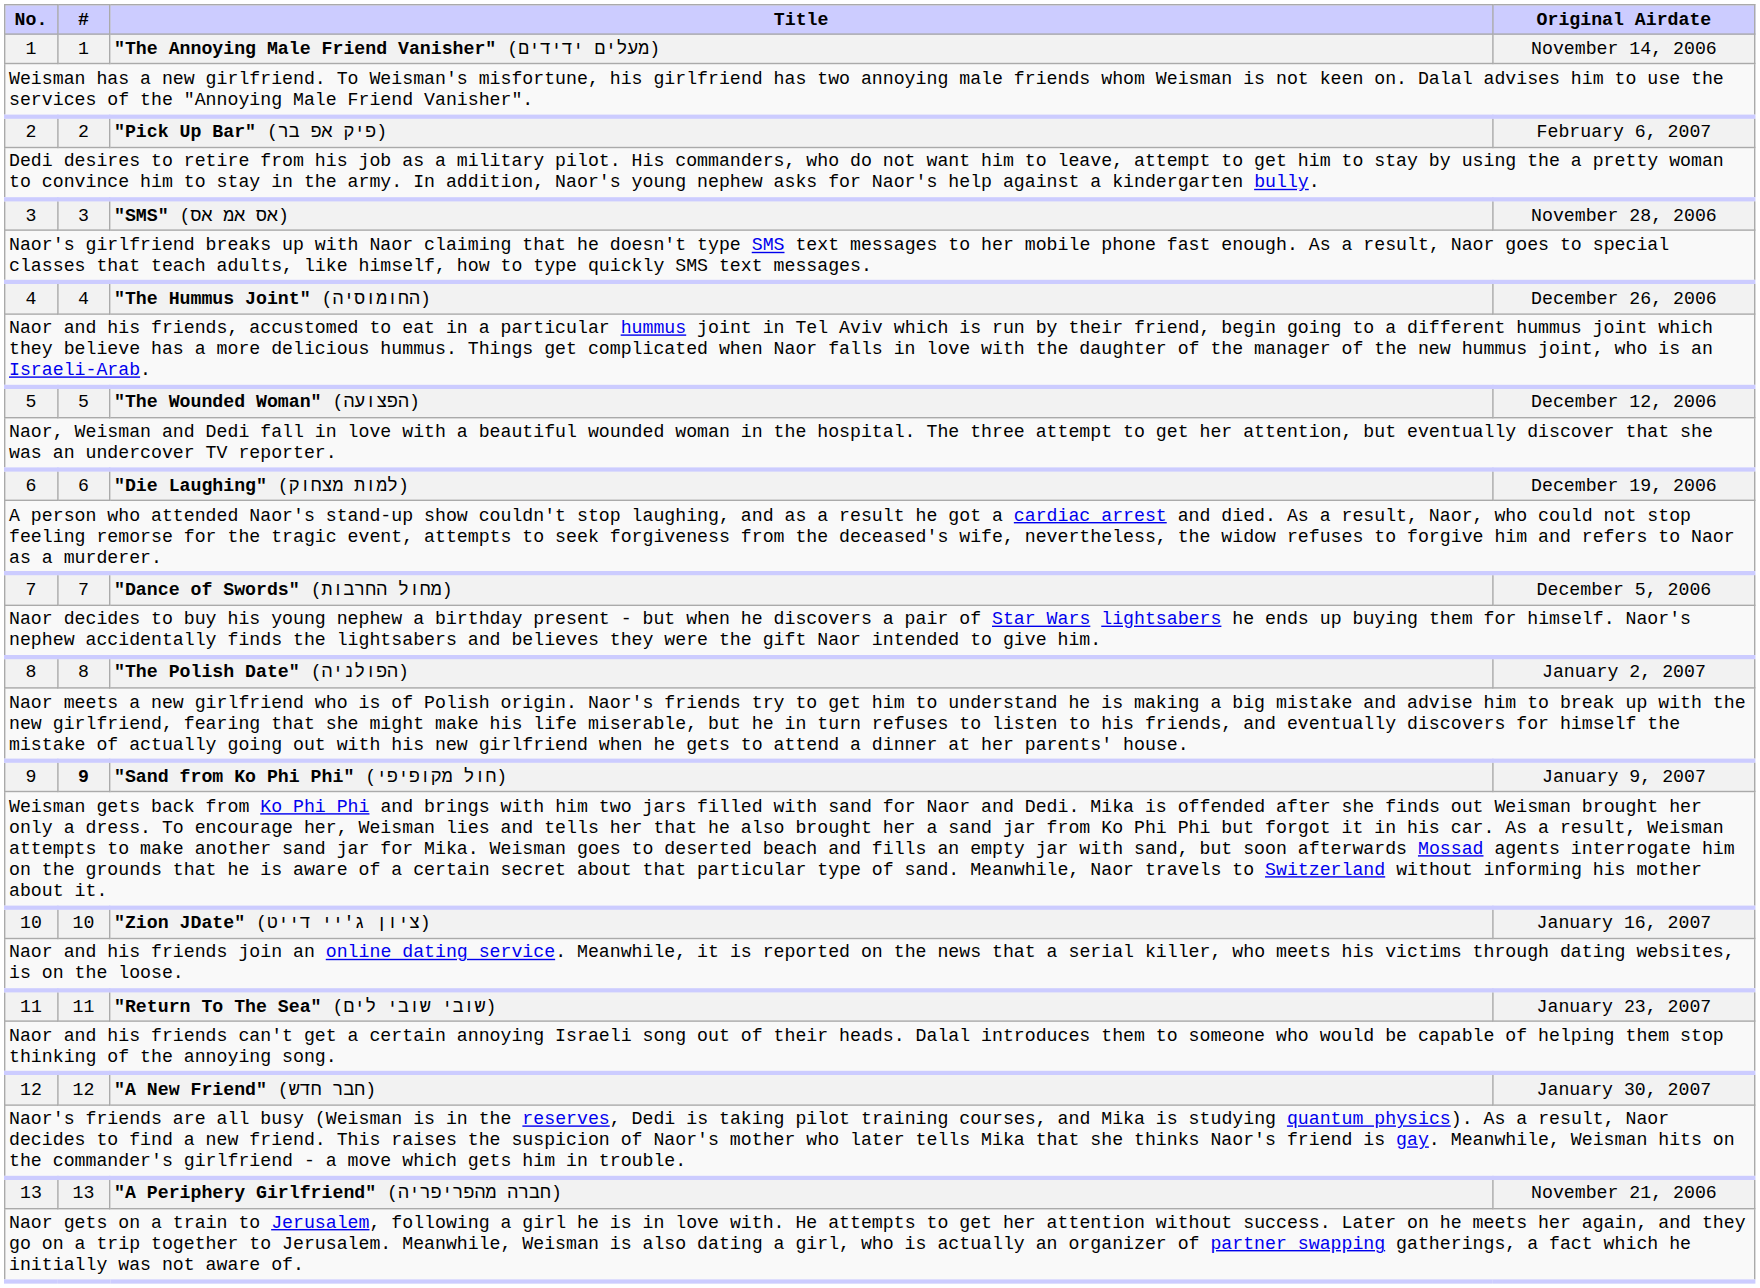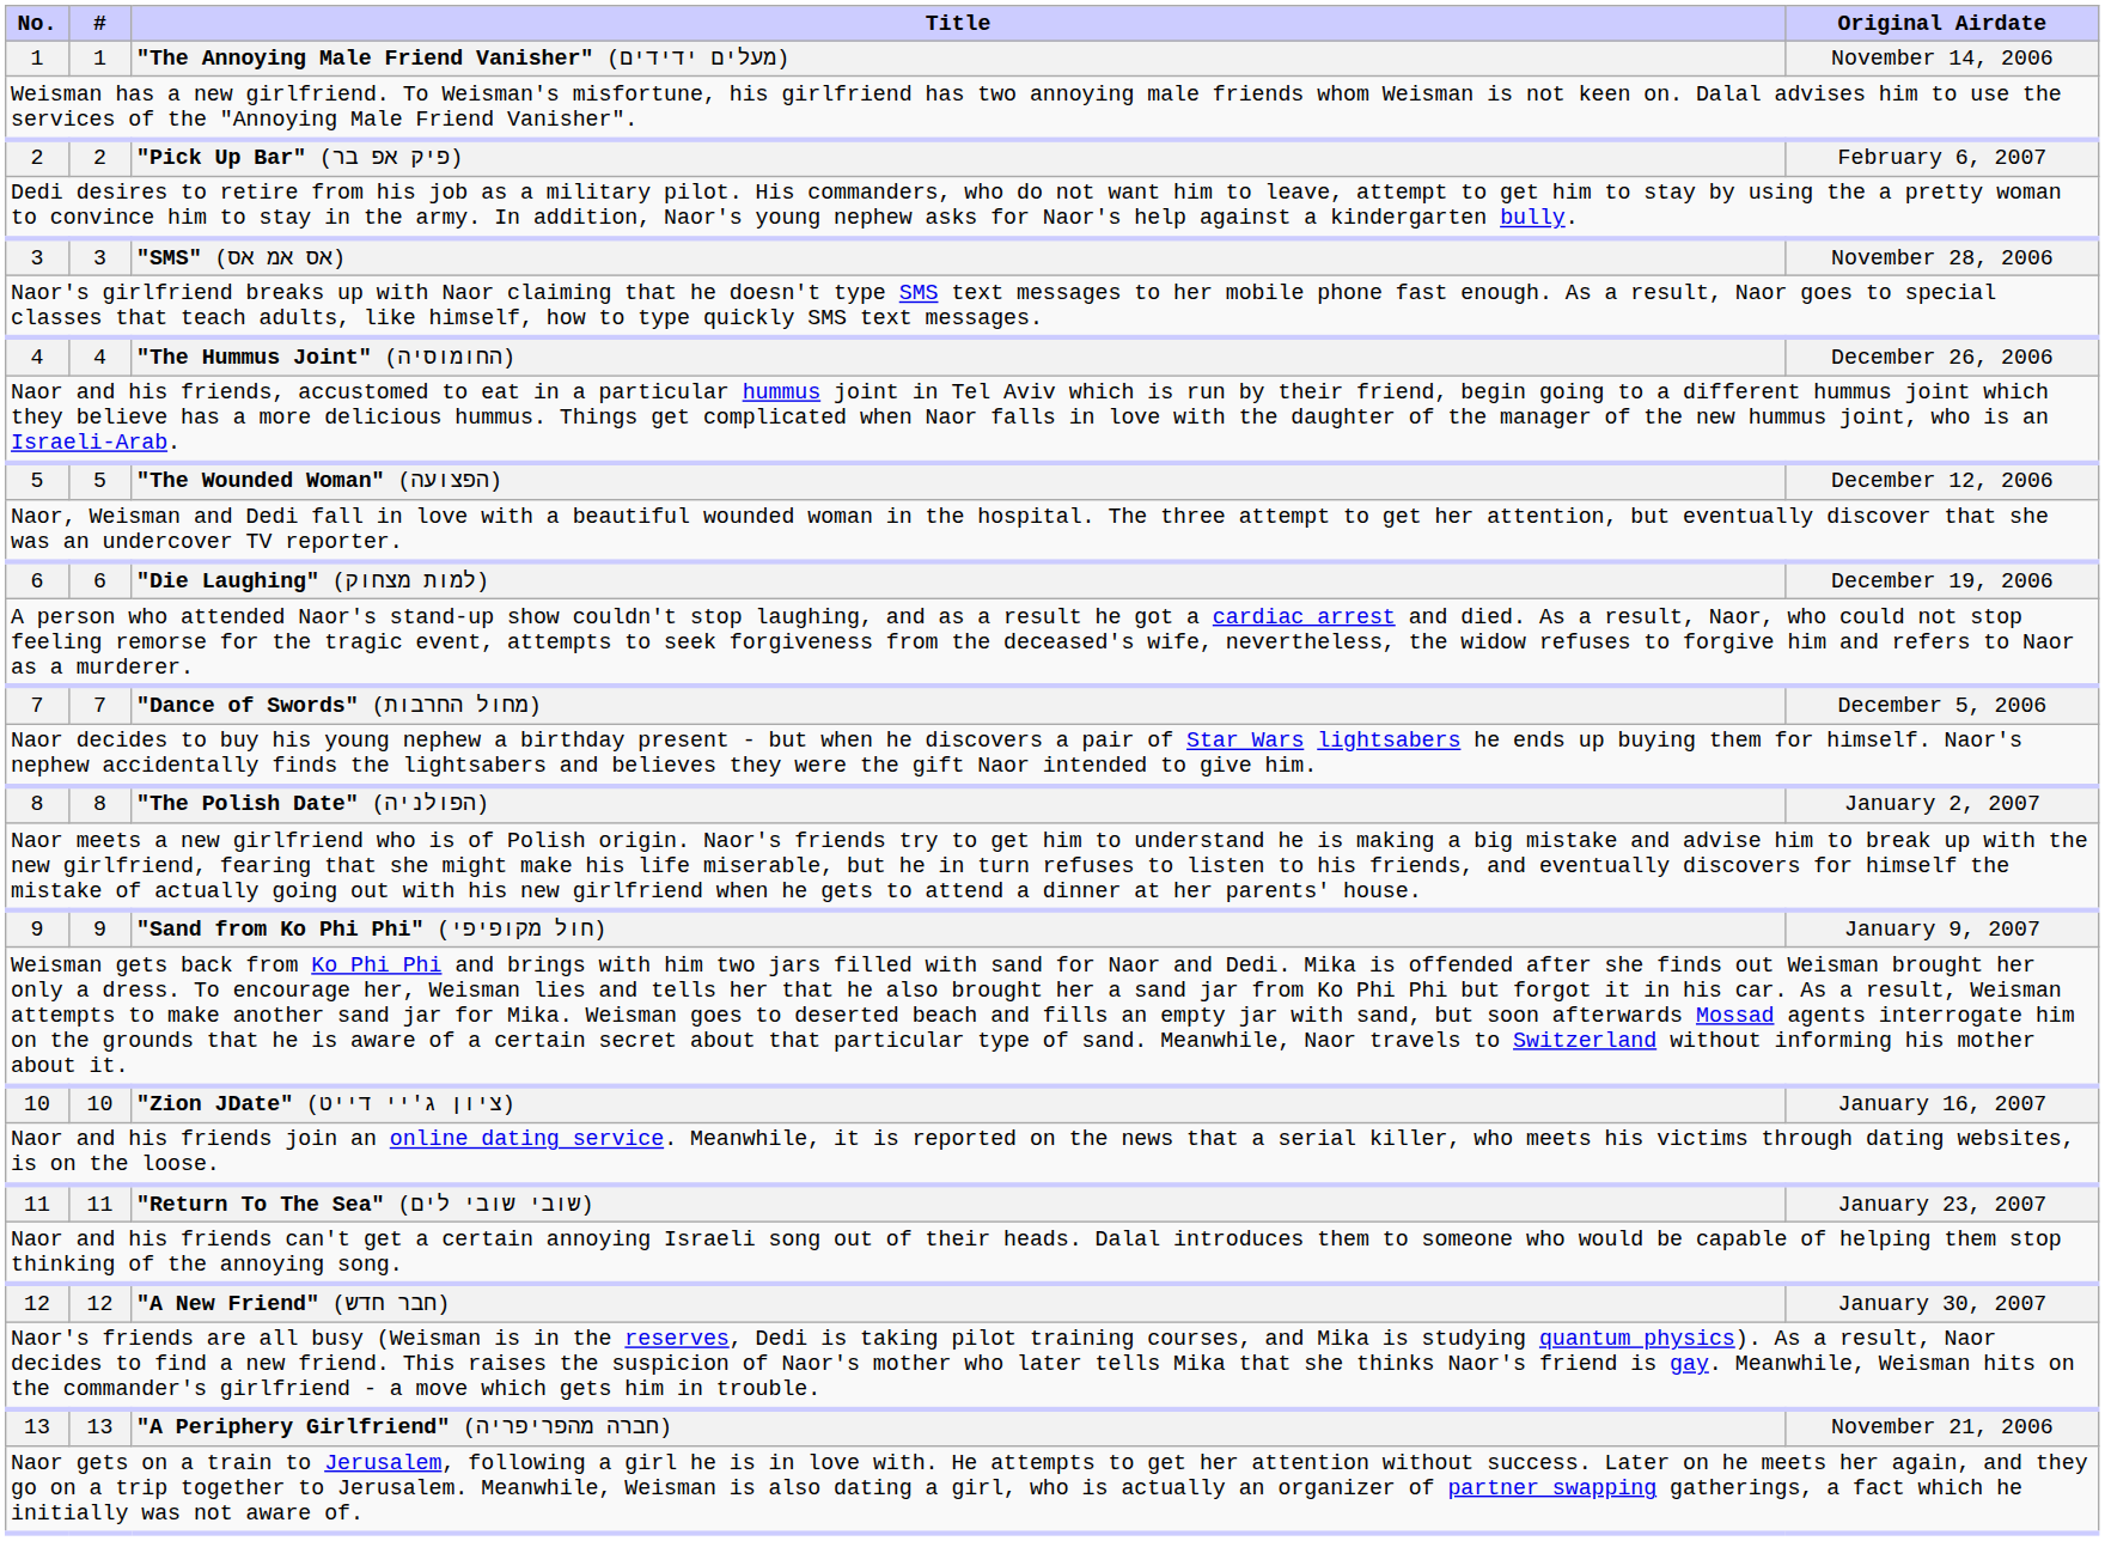 <table class="wikitable" width=99%>
 <tr>
 <th style="background: #CCF" width="3%">No.</th>
 <th style="background: #CCF" width="3%">#</th>
 <th style="background: #CCF">Title</th>
 <th style="background: #CCF" width="15%">Original Airdate</th>
 </tr>
 <tr class="vevent" style="text-align: center; background:#F2F2F2">
 <td>1</td>
 <td>1</td>
 <td class="summary" style="text-align: left;"><strong>"The Annoying Male Friend Vanisher"</strong> (מעלים ידידים)</td>
 <td>November 14, 2006</td>
 </tr>
 <tr>
 <td class="description" style="border-bottom:3px solid #CCCCFF" colspan="4">Weisman has a new girlfriend. To Weisman's misfortune, his girlfriend has two annoying male friends whom Weisman is not keen on. Dalal advises him to use the services of the "Annoying Male Friend Vanisher".</td>
 </tr>
 <tr class="vevent" style="text-align: center; background:#F2F2F2">
 <td>2</td>
 <td>2</td>
 <td class="summary" style="text-align: left;"><strong>"Pick Up Bar"</strong> (פיק אפ בר)</td>
 <td>February 6, 2007</td>
 </tr>
 <tr>
 <td class="description" style="border-bottom:3px solid #CCCCFF" colspan="4">Dedi desires to retire from his job as a military pilot. His commanders, who do not want him to leave, attempt to get him to stay by using the a pretty woman to convince him to stay in the army. In addition, Naor's young nephew asks for Naor's help against a kindergarten <a href='#'>bully</a>.</td>
 </tr>
 <tr class="vevent" style="text-align: center; background:#F2F2F2">
 <td>3</td>
 <td>3</td>
 <td class="summary" style="text-align: left;"><strong>"SMS"</strong> (אס אמ אס)</td>
 <td>November 28, 2006</td>
 </tr>
 <tr>
 <td class="description" style="border-bottom:3px solid #CCCCFF" colspan="4">Naor's girlfriend breaks up with Naor claiming that he doesn't type <a href='#'>SMS</a> text messages to her mobile phone fast enough. As a result, Naor goes to special classes that teach adults, like himself, how to type quickly SMS text messages.</td>
 </tr>
 <tr class="vevent" style="text-align: center; background:#F2F2F2">
 <td>4</td>
 <td>4</td>
 <td class="summary" style="text-align: left;"><strong>"The Hummus Joint"</strong> (החומוסיה)</td>
 <td>December 26, 2006</td>
 </tr>
 <tr>
 <td class="description" style="border-bottom:3px solid #CCCCFF" colspan="4">Naor and his friends, accustomed to eat in a particular <a href='#'>hummus</a> joint in Tel Aviv which is run by their friend, begin going to a different hummus joint which they believe has a more delicious hummus. Things get complicated when Naor falls in love with the daughter of the manager of the new hummus joint, who is an <a href='#'>Israeli-Arab</a>.</td>
 </tr>
 <tr class="vevent" style="text-align: center; background:#F2F2F2">
 <td>5</td>
 <td>5</td>
 <td class="summary" style="text-align: left;"><strong>"The Wounded Woman"</strong> (הפצועה)</td>
 <td>December 12, 2006</td>
 </tr>
 <tr>
 <td class="description" style="border-bottom:3px solid #CCCCFF" colspan="4">Naor, Weisman and Dedi fall in love with a beautiful wounded woman in the hospital. The three attempt to get her attention, but eventually discover that she was an undercover TV reporter.</td>
 </tr>
 <tr class="vevent" style="text-align: center; background:#F2F2F2">
 <td>6</td>
 <td>6</td>
 <td class="summary" style="text-align: left;"><strong>"Die Laughing"</strong> (למות מצחוק)</td>
 <td>December 19, 2006</td>
 </tr>
 <tr>
 <td class="description" style="border-bottom:3px solid #CCCCFF" colspan="4">A person who attended Naor's stand-up show couldn't stop laughing, and as a result he got a <a href='#'>cardiac arrest</a> and died. As a result, Naor, who could not stop feeling remorse for the tragic event, attempts to seek forgiveness from the deceased's wife, nevertheless, the widow refuses to forgive him and refers to Naor as a murderer.</td>
 </tr>
 <tr class="vevent" style="text-align: center; background:#F2F2F2">
 <td>7</td>
 <td>7</td>
 <td class="summary" style="text-align: left;"><strong>"Dance of Swords"</strong> (מחול החרבות)</td>
 <td>December 5, 2006</td>
 </tr>
 <tr>
 <td class="description" style="border-bottom:3px solid #CCCCFF" colspan="4">Naor decides to buy his young nephew a birthday present - but when he discovers a pair of <a href='#'>Star Wars</a> <a href='#'>lightsabers</a> he ends up buying them for himself. Naor's nephew accidentally finds the lightsabers and believes they were the gift Naor intended to give him.</td>
 </tr>
 <tr class="vevent" style="text-align: center; background:#F2F2F2">
 <td>8</td>
 <td>8</td>
 <td class="summary" style="text-align: left;"><strong>"The Polish Date"</strong> (הפולניה)</td>
 <td>January 2, 2007</td>
 </tr>
 <tr>
 <td class="description" style="border-bottom:3px solid #CCCCFF" colspan="4">Naor meets a new girlfriend who is of Polish origin. Naor's friends try to get him to understand he is making a big mistake and advise him to break up with the new girlfriend, fearing that she might make his life miserable, but he in turn refuses to listen to his friends, and eventually discovers for himself the mistake of actually going out with his new girlfriend when he gets to attend a dinner at her parents' house.</td>
 </tr>
 <tr class="vevent" style="text-align: center; background:#F2F2F2">
 <td>9</td>
-<td><strong>9</strong></td>
+<td>9</td>
 <td class="summary" style="text-align: left;"><strong>"Sand from Ko Phi Phi"</strong> (חול מקופיפי)</td>
 <td>January 9, 2007</td>
 </tr>
 <tr>
 <td class="description" style="border-bottom:3px solid #CCCCFF" colspan="4">Weisman gets back from <a href='#'>Ko Phi Phi</a> and brings with him two jars filled with sand for Naor and Dedi. Mika is offended after she finds out Weisman brought her only a dress. To encourage her, Weisman lies and tells her that he also brought her a sand jar from Ko Phi Phi but forgot it in his car. As a result, Weisman attempts to make another sand jar for Mika. Weisman goes to deserted beach and fills an empty jar with sand, but soon afterwards <a href='#'>Mossad</a> agents interrogate him on the grounds that he is aware of a certain secret about that particular type of sand. Meanwhile, Naor travels to <a href='#'>Switzerland</a> without informing his mother about it.</td>
 </tr>
 <tr class="vevent" style="text-align: center; background:#F2F2F2">
 <td>10</td>
 <td>10</td>
 <td class="summary" style="text-align: left;"><strong>"Zion JDate"</strong> (ציון ג'יי דייט)</td>
 <td>January 16, 2007</td>
 </tr>
 <tr>
 <td class="description" style="border-bottom:3px solid #CCCCFF" colspan="4">Naor and his friends join an <a href='#'>online dating service</a>. Meanwhile, it is reported on the news that a serial killer, who meets his victims through dating websites, is on the loose.</td>
 </tr>
 <tr class="vevent" style="text-align: center; background:#F2F2F2">
 <td>11</td>
 <td>11</td>
 <td class="summary" style="text-align: left;"><strong>"Return To The Sea"</strong> (שובי שובי לים)</td>
 <td>January 23, 2007</td>
 </tr>
 <tr>
 <td class="description" style="border-bottom:3px solid #CCCCFF" colspan="4">Naor and his friends can't get a certain annoying Israeli song out of their heads. Dalal introduces them to someone who would be capable of helping them stop thinking of the annoying song.</td>
 </tr>
 <tr class="vevent" style="text-align: center; background:#F2F2F2">
 <td>12</td>
 <td>12</td>
 <td class="summary" style="text-align: left;"><strong>"A New Friend"</strong> (חבר חדש)</td>
 <td>January 30, 2007</td>
 </tr>
 <tr>
 <td class="description" style="border-bottom:3px solid #CCCCFF" colspan="4">Naor's friends are all busy (Weisman is in the <a href='#'>reserves</a>, Dedi is taking pilot training courses, and Mika is studying <a href='#'>quantum physics</a>). As a result, Naor decides to find a new friend. This raises the suspicion of Naor's mother who later tells Mika that she thinks Naor's friend is <a href='#'>gay</a>. Meanwhile, Weisman hits on the commander's girlfriend - a move which gets him in trouble.</td>
 </tr>
 <tr class="vevent" style="text-align: center; background:#F2F2F2">
 <td>13</td>
 <td>13</td>
 <td class="summary" style="text-align: left;"><strong>"A Periphery Girlfriend"</strong> (חברה מהפריפריה)</td>
 <td>November 21, 2006</td>
 </tr>
 <tr>
 <td class="description" style="border-bottom:3px solid #CCCCFF" colspan="4">Naor gets on a train to <a href='#'>Jerusalem</a>, following a girl he is in love with. He attempts to get her attention without success. Later on he meets her again, and they go on a trip together to Jerusalem. Meanwhile, Weisman is also dating a girl, who is actually an organizer of <a href='#'>partner swapping</a> gatherings, a fact which he initially was not aware of.</td>
 </tr>
 </table>
